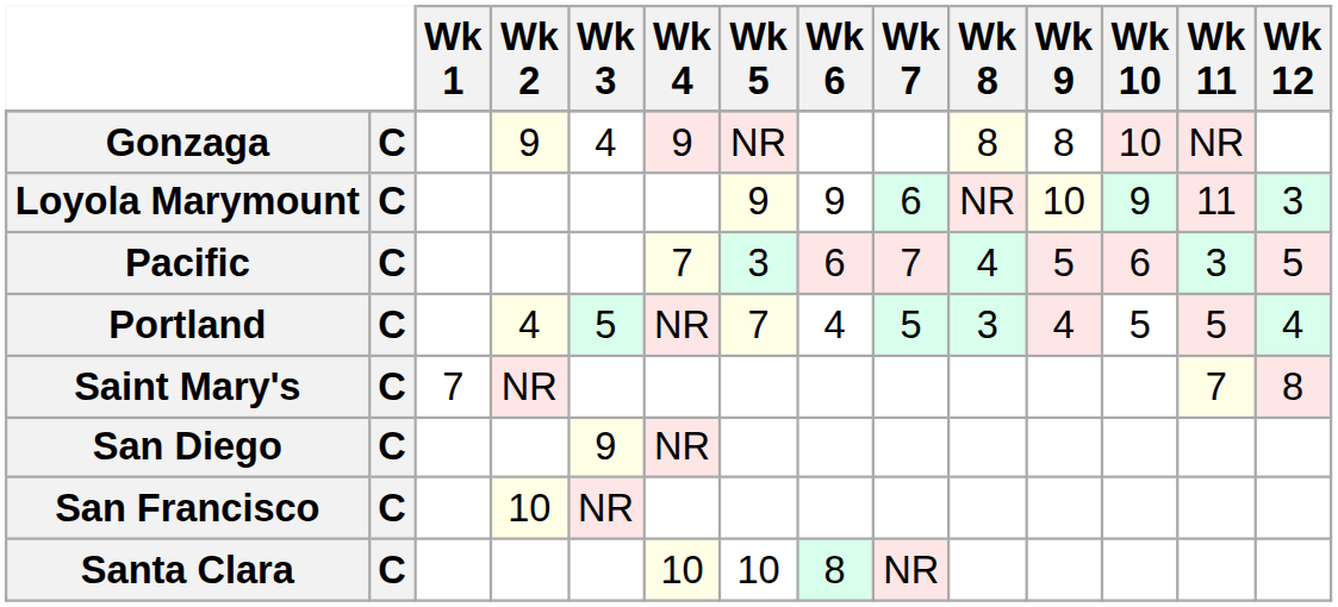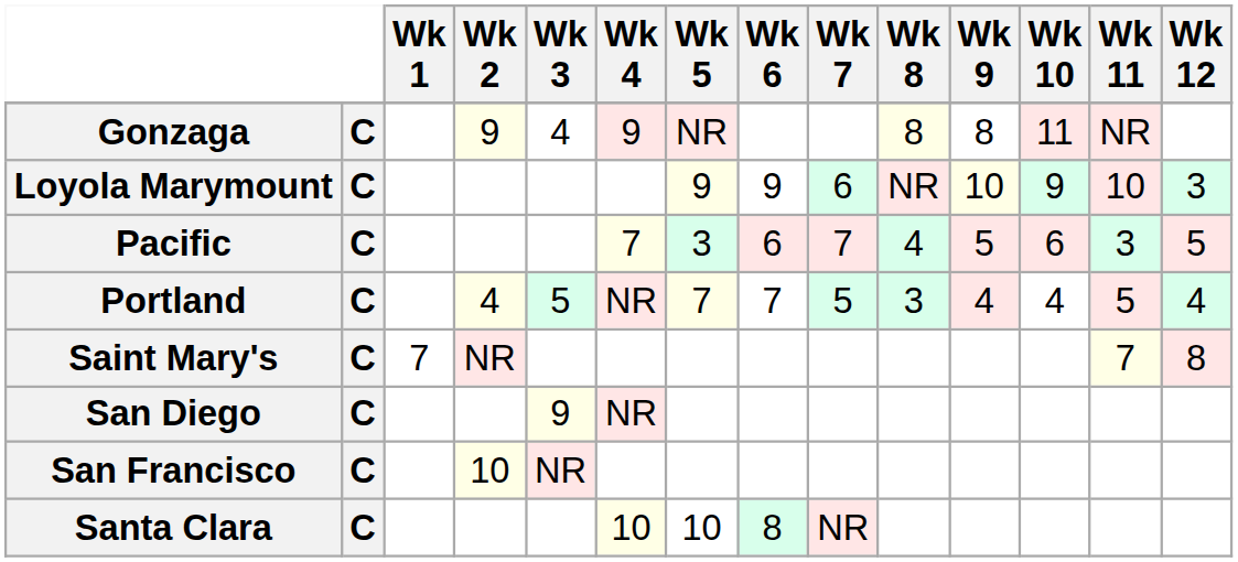 <table class="wikitable" style="white-space:nowrap;font-size:90%;">
 <tr>
 <th colspan=2 style="background:white; border-top-style:hidden; border-left-style:hidden;"> </th>
 <th>Wk<br>1</th>
 <th>Wk<br>2</th>
 <th>Wk<br>3</th>
 <th>Wk<br>4</th>
 <th>Wk<br>5</th>
 <th>Wk<br>6</th>
 <th>Wk<br>7</th>
 <th>Wk<br>8</th>
 <th>Wk<br>9</th>
 <th>Wk<br>10</th>
 <th>Wk<br>11</th>
 <th>Wk<br>12</th>
 </tr>
 <tr style="text-align:center;">
 </tr>
 <tr style="text-align:center;">
 <th style="background:#">Gonzaga</th>
 <th>C</th>
 <td style="background:#FFF;"></td>
 <td style="background:#FFFFE6;"> 9</td>
 <td style="background:#FFF;"> 4</td>
 <td style="background:#FFE6E6;"> 9</td>
 <td style="background:#FFE6E6;"> NR</td>
 <td style="background:#FFF;"></td>
 <td style="background:#FFF;"></td>
 <td style="background:#FFFFE6;"> 8</td>
 <td style="background:#FFF;"> 8</td>
-<td style="background:#FFE6E6;"> 10</td>
+<td style="background:#FFE6E6;"> 11</td>
 <td style="background:#FFE6E6;"> NR</td>
 <td style="background:#FFF;"></td>
 </tr>
 <tr style="text-align:center;">
 <th style="background:#">Loyola Marymount</th>
 <th>C</th>
 <td style="background:#FFF;"></td>
 <td style="background:#FFF;"></td>
 <td style="background:#FFF;"></td>
 <td style="background:#FFF;"></td>
 <td style="background:#FFFFE6;"> 9</td>
 <td style="background:#FFF;"> 9</td>
 <td style="background:#D8FFEB;"> 6</td>
 <td style="background:#FFE6E6;"> NR</td>
 <td style="background:#FFFFE6;"> 10</td>
 <td style="background:#D8FFEB;"> 9</td>
-<td style="background:#FFE6E6;"> 11</td>
+<td style="background:#FFE6E6;"> 10</td>
 <td style="background:#D8FFEB;"> 3</td>
 </tr>
 <tr style="text-align:center;">
 <th style="background:#">Pacific</th>
 <th>C</th>
 <td style="background:#FFF;"></td>
 <td style="background:#FFF;"></td>
 <td style="background:#FFF;"></td>
 <td style="background:#FFFFE6;"> 7</td>
 <td style="background:#D8FFEB;"> 3</td>
 <td style="background:#FFE6E6;"> 6</td>
 <td style="background:#FFE6E6;"> 7</td>
 <td style="background:#D8FFEB;"> 4</td>
 <td style="background:#FFE6E6;"> 5</td>
 <td style="background:#FFE6E6;"> 6</td>
 <td style="background:#D8FFEB;"> 3</td>
 <td style="background:#FFE6E6;"> 5</td>
 </tr>
 <tr style="text-align:center;">
 <th style="background:#">Portland</th>
 <th>C</th>
 <td style="background:#FFF;"></td>
 <td style="background:#FFFFE6;"> 4</td>
 <td style="background:#D8FFEB;"> 5</td>
 <td style="background:#FFE6E6;"> NR</td>
 <td style="background:#FFFFE6;"> 7</td>
-<td style="background:#FFF;"> 4</td>
+<td style="background:#FFF;"> 7</td>
 <td style="background:#D8FFEB;"> 5</td>
 <td style="background:#D8FFEB;"> 3</td>
 <td style="background:#FFE6E6;"> 4</td>
-<td style="background:#FFF;"> 5</td>
+<td style="background:#FFF;"> 4</td>
 <td style="background:#FFE6E6;"> 5</td>
 <td style="background:#D8FFEB;"> 4</td>
 </tr>
 <tr style="text-align:center;">
 <th style="background:#">Saint Mary's</th>
 <th>C</th>
 <td style="background:#FFF;"> 7</td>
 <td style="background:#FFE6E6;"> NR</td>
 <td style="background:#FFF;"></td>
 <td style="background:#FFF;"></td>
 <td style="background:#FFF;"></td>
 <td style="background:#FFF;"></td>
 <td style="background:#FFF;"></td>
 <td style="background:#FFF;"></td>
 <td style="background:#FFF;"></td>
 <td style="background:#FFF;"></td>
 <td style="background:#FFFFE6;"> 7</td>
 <td style="background:#FFE6E6;"> 8</td>
 </tr>
 <tr style="text-align:center;">
 <th style="background:#">San Diego</th>
 <th>C</th>
 <td style="background:#FFF;"></td>
 <td style="background:#FFF;"></td>
 <td style="background:#FFFFE6;"> 9</td>
 <td style="background:#FFE6E6;"> NR</td>
 <td style="background:#FFF;"></td>
 <td style="background:#FFF;"></td>
 <td style="background:#FFF;"></td>
 <td style="background:#FFF;"></td>
 <td style="background:#FFF;"></td>
 <td style="background:#FFF;"></td>
 <td style="background:#FFF;"></td>
 <td style="background:#FFF;"></td>
 </tr>
 <tr style="text-align:center;">
 <th style="background:#">San Francisco</th>
 <th>C</th>
 <td style="background:#FFF;"></td>
 <td style="background:#FFFFE6;"> 10</td>
 <td style="background:#FFE6E6;"> NR</td>
 <td style="background:#FFF;"></td>
 <td style="background:#FFF;"></td>
 <td style="background:#FFF;"></td>
 <td style="background:#FFF;"></td>
 <td style="background:#FFF;"></td>
 <td style="background:#FFF;"></td>
 <td style="background:#FFF;"></td>
 <td style="background:#FFF;"></td>
 <td style="background:#FFF;"></td>
 </tr>
 <tr style="text-align:center;">
 <th style="background:#">Santa Clara</th>
 <th>C</th>
 <td style="background:#FFF;"></td>
 <td style="background:#FFF;"></td>
 <td style="background:#FFF;"></td>
 <td style="background:#FFFFE6;"> 10</td>
 <td style="background:#FFF;"> 10</td>
 <td style="background:#D8FFEB;"> 8</td>
 <td style="background:#FFE6E6;"> NR</td>
 <td style="background:#FFF;"></td>
 <td style="background:#FFF;"></td>
 <td style="background:#FFF;"></td>
 <td style="background:#FFF;"></td>
 <td style="background:#FFF;"></td>
 </tr>
 </table>
